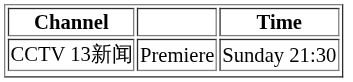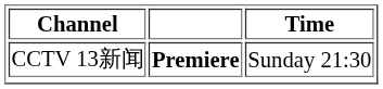 <table border=1 cel>
 <tr --------------------------------------->
 <th>Channel</th>
 <th></th>
 <th>Time</th>
 </tr>
 <tr --------------------------------------->
 <td>CCTV 13新闻</td>
-<td>Premiere</td>
+<td><strong>Premiere</strong></td>
 <td>Sunday 21:30</td>
 </tr>
 <tr --------------------------------------->
 </tr>
 </table>
